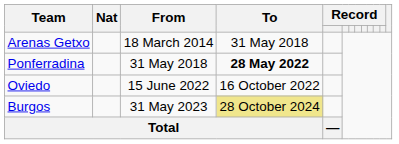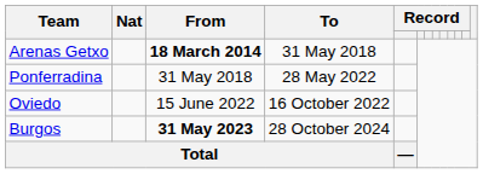 <table class="wikitable" style="text-align: center">
 <tr>
 <th rowspan="2">Team</th>
 <th rowspan="2">Nat</th>
 <th rowspan="2">From</th>
 <th rowspan="2">To</th>
 <th colspan="8">Record</th>
 <th rowspan=2></th>
 </tr>
 <tr>
 <th></th>
 <th></th>
 <th></th>
 <th></th>
 <th></th>
 <th></th>
 <th></th>
 <th></th>
 </tr>
 <tr>
 <td align="left"><a href='#'>Arenas Getxo</a></td>
 <td align="center"></td>
-<td align="center">18 March 2014</td>
+<td align="center"><strong>18 March 2014</strong></td>
 <td align="center">31 May 2018<br></td>
 <td></td>
 </tr>
 <tr>
 <td align="left"><a href='#'>Ponferradina</a></td>
 <td align="center"></td>
 <td align="center">31 May 2018</td>
-<td align="center"><strong>28 May 2022<br></strong></td>
+<td align="center">28 May 2022<br></td>
 <td></td>
 </tr>
 <tr>
 <td align="left"><a href='#'>Oviedo</a></td>
 <td align="center"></td>
 <td align="center">15 June 2022</td>
 <td align="center">16 October 2022<br></td>
 <td></td>
 </tr>
 <tr>
 <td align="left"><a href='#'>Burgos</a></td>
 <td align="center"></td>
-<td align="center">31 May 2023</td>
-<td align="center" style="background: khaki;">28 October 2024<br></td>
+<td align="center"><strong>31 May 2023</strong></td>
+<td align="center">28 October 2024<br></td>
 <td></td>
 </tr>
 <tr>
 <th colspan="4">Total<br></th>
 <th>—</th>
 </tr>
 </table>
